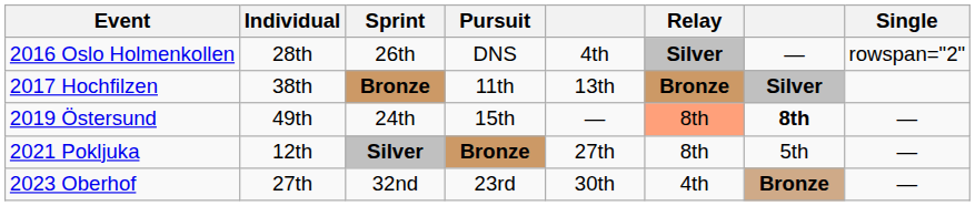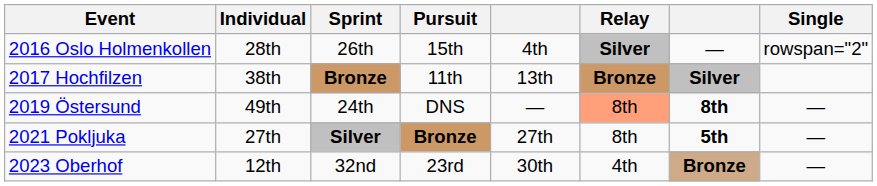 <table class="wikitable" style="text-align: center;">
 <tr>
 <th>Event</th>
 <th style="width:70px;">Individual</th>
 <th style="width:70px;">Sprint</th>
 <th style="width:70px;">Pursuit</th>
 <th style="width:70px;"></th>
 <th style="width:70px;">Relay</th>
 <th style="width:70px;"></th>
 <th style="width:70px;">Single </th>
 </tr>
 <tr>
 <td align=left> <a href='#'>2016 Oslo Holmenkollen</a></td>
 <td>28th</td>
 <td>26th</td>
-<td>DNS</td>
+<td>15th</td>
 <td>4th</td>
 <td style="background:silver;"><strong>Silver</strong></td>
 <td>—</td>
 <td>rowspan="2" </td>
 </tr>
 <tr>
 <td align=left> <a href='#'>2017 Hochfilzen</a></td>
 <td>38th</td>
 <td style="background:#CC9966;"><strong>Bronze</strong></td>
 <td>11th</td>
 <td>13th</td>
 <td style="background:#CC9966;"><strong>Bronze</strong></td>
 <td style="background:silver;"><strong>Silver</strong></td>
 </tr>
 <tr>
 <td align=left> <a href='#'>2019 Östersund</a></td>
 <td>49th</td>
 <td>24th</td>
-<td>15th</td>
+<td>DNS</td>
 <td>—</td>
 <td style="background: lightsalmon;">8th</td>
 <td><strong>8th</strong></td>
 <td>—</td>
 </tr>
 <tr>
 <td align=left> <a href='#'>2021 Pokljuka</a></td>
-<td>12th</td>
+<td>27th</td>
 <td style="background:silver;"><strong>Silver</strong></td>
 <td style="background:#CC9966;"><strong>Bronze</strong></td>
 <td>27th</td>
 <td>8th</td>
-<td>5th</td>
+<td><strong>5th</strong></td>
 <td>—</td>
 </tr>
 <tr>
 <td align=left> <a href='#'>2023 Oberhof</a></td>
-<td>27th</td>
+<td>12th</td>
 <td>32nd</td>
 <td>23rd</td>
 <td>30th</td>
 <td>4th</td>
 <td style="background:#cfaa88;"><strong>Bronze</strong></td>
 <td>—</td>
 </tr>
 </table>
